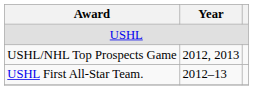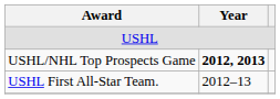 <table class="wikitable">
 <tr>
 <th>Award</th>
 <th>Year</th>
 <th></th>
 </tr>
 <tr ALIGN="center" bgcolor="#e0e0e0">
 <td colspan="3"><a href='#'>USHL</a></td>
 </tr>
 <tr>
 <td>USHL/NHL Top Prospects Game</td>
-<td>2012, 2013</td>
+<td><strong>2012, 2013</strong></td>
 <td></td>
 </tr>
 <tr>
 <td><a href='#'>USHL</a> First All-Star Team.</td>
 <td>2012–13</td>
 <td></td>
 </tr>
 <tr>
 </tr>
 </table>
